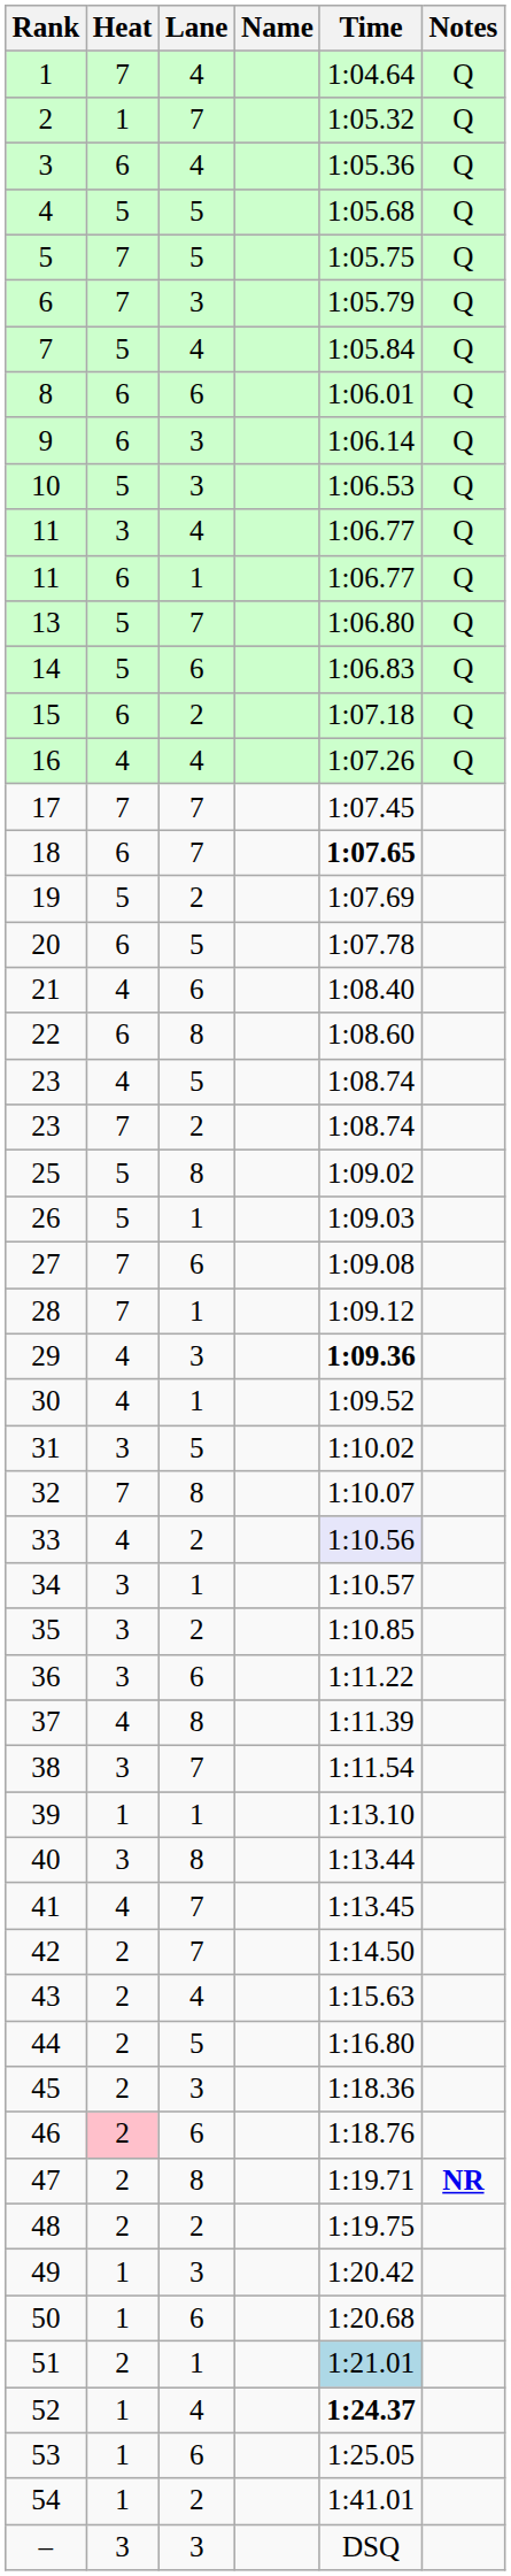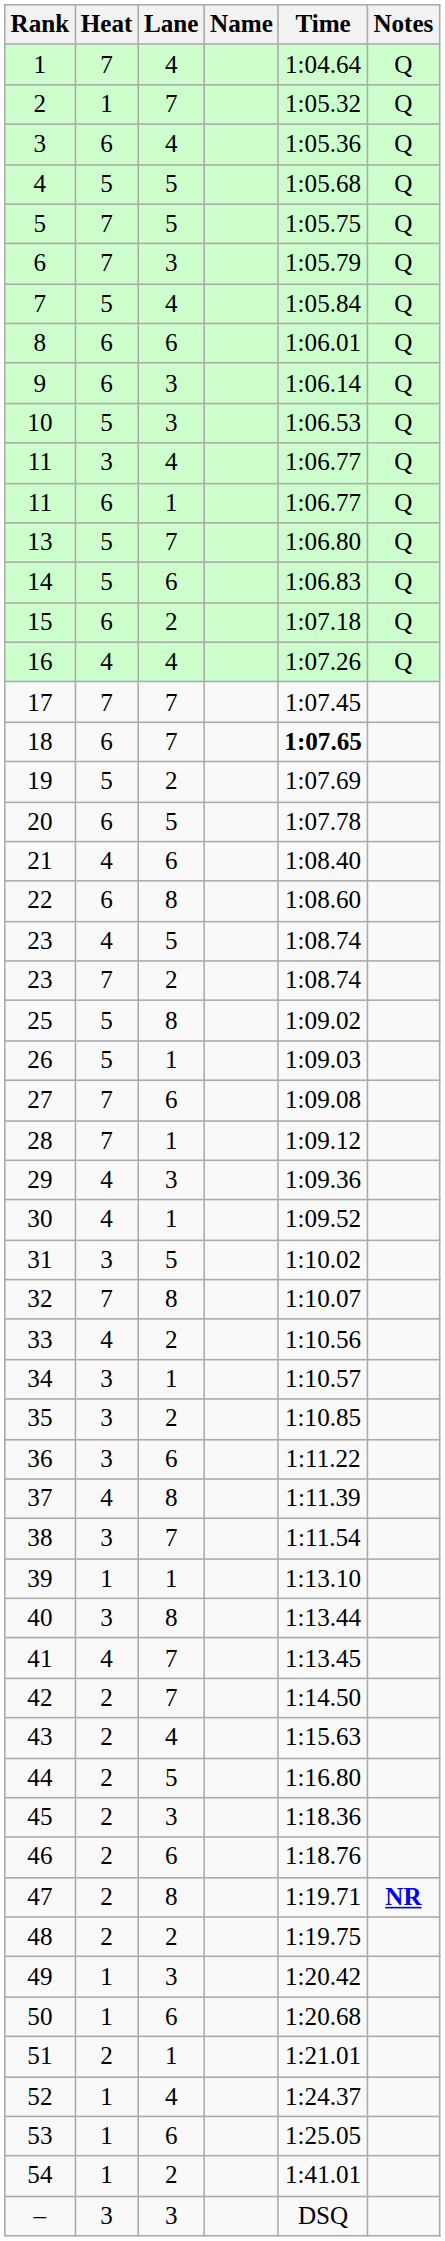 <table class="wikitable sortable" style="text-align:center">
 <tr>
 <th>Rank</th>
 <th>Heat</th>
 <th>Lane</th>
 <th>Name</th>
 <th>Time</th>
 <th>Notes</th>
 </tr>
 <tr bgcolor=ccffcc>
 <td>1</td>
 <td>7</td>
 <td>4</td>
 <td align=left></td>
 <td>1:04.64</td>
 <td>Q</td>
 </tr>
 <tr bgcolor=ccffcc>
 <td>2</td>
 <td>1</td>
 <td>7</td>
 <td align=left></td>
 <td>1:05.32</td>
 <td>Q</td>
 </tr>
 <tr bgcolor=ccffcc>
 <td>3</td>
 <td>6</td>
 <td>4</td>
 <td align=left></td>
 <td>1:05.36</td>
 <td>Q</td>
 </tr>
 <tr bgcolor=ccffcc>
 <td>4</td>
 <td>5</td>
 <td>5</td>
 <td align=left></td>
 <td>1:05.68</td>
 <td>Q</td>
 </tr>
 <tr bgcolor=ccffcc>
 <td>5</td>
 <td>7</td>
 <td>5</td>
 <td align=left></td>
 <td>1:05.75</td>
 <td>Q</td>
 </tr>
 <tr bgcolor=ccffcc>
 <td>6</td>
 <td>7</td>
 <td>3</td>
 <td align=left></td>
 <td>1:05.79</td>
 <td>Q</td>
 </tr>
 <tr bgcolor=ccffcc>
 <td>7</td>
 <td>5</td>
 <td>4</td>
 <td align=left></td>
 <td>1:05.84</td>
 <td>Q</td>
 </tr>
 <tr bgcolor=ccffcc>
 <td>8</td>
 <td>6</td>
 <td>6</td>
 <td align=left></td>
 <td>1:06.01</td>
 <td>Q</td>
 </tr>
 <tr bgcolor=ccffcc>
 <td>9</td>
 <td>6</td>
 <td>3</td>
 <td align=left></td>
 <td>1:06.14</td>
 <td>Q</td>
 </tr>
 <tr bgcolor=ccffcc>
 <td>10</td>
 <td>5</td>
 <td>3</td>
 <td align=left></td>
 <td>1:06.53</td>
 <td>Q</td>
 </tr>
 <tr bgcolor=ccffcc>
 <td>11</td>
 <td>3</td>
 <td>4</td>
 <td align=left></td>
 <td>1:06.77</td>
 <td>Q</td>
 </tr>
 <tr bgcolor=ccffcc>
 <td>11</td>
 <td>6</td>
 <td>1</td>
 <td align=left></td>
 <td>1:06.77</td>
 <td>Q</td>
 </tr>
 <tr bgcolor=ccffcc>
 <td>13</td>
 <td>5</td>
 <td>7</td>
 <td align=left></td>
 <td>1:06.80</td>
 <td>Q</td>
 </tr>
 <tr bgcolor=ccffcc>
 <td>14</td>
 <td>5</td>
 <td>6</td>
 <td align=left></td>
 <td>1:06.83</td>
 <td>Q</td>
 </tr>
 <tr bgcolor=ccffcc>
 <td>15</td>
 <td>6</td>
 <td>2</td>
 <td align=left></td>
 <td>1:07.18</td>
 <td>Q</td>
 </tr>
 <tr bgcolor=ccffcc>
 <td>16</td>
 <td>4</td>
 <td>4</td>
 <td align=left></td>
 <td>1:07.26</td>
 <td>Q</td>
 </tr>
 <tr>
 <td>17</td>
 <td>7</td>
 <td>7</td>
 <td align=left></td>
 <td>1:07.45</td>
 <td></td>
 </tr>
 <tr>
 <td>18</td>
 <td>6</td>
 <td>7</td>
 <td align=left></td>
 <td><strong>1:07.65</strong></td>
 <td></td>
 </tr>
 <tr>
 <td>19</td>
 <td>5</td>
 <td>2</td>
 <td align=left></td>
 <td>1:07.69</td>
 <td></td>
 </tr>
 <tr>
 <td>20</td>
 <td>6</td>
 <td>5</td>
 <td align=left></td>
 <td>1:07.78</td>
 <td></td>
 </tr>
 <tr>
 <td>21</td>
 <td>4</td>
 <td>6</td>
 <td align=left></td>
 <td>1:08.40</td>
 <td></td>
 </tr>
 <tr>
 <td>22</td>
 <td>6</td>
 <td>8</td>
 <td align=left></td>
 <td>1:08.60</td>
 <td></td>
 </tr>
 <tr>
 <td>23</td>
 <td>4</td>
 <td>5</td>
 <td align=left></td>
 <td>1:08.74</td>
 <td></td>
 </tr>
 <tr>
 <td>23</td>
 <td>7</td>
 <td>2</td>
 <td align=left></td>
 <td>1:08.74</td>
 <td></td>
 </tr>
 <tr>
 <td>25</td>
 <td>5</td>
 <td>8</td>
 <td align=left></td>
 <td>1:09.02</td>
 <td></td>
 </tr>
 <tr>
 <td>26</td>
 <td>5</td>
 <td>1</td>
 <td align=left></td>
 <td>1:09.03</td>
 <td></td>
 </tr>
 <tr>
 <td>27</td>
 <td>7</td>
 <td>6</td>
 <td align=left></td>
 <td>1:09.08</td>
 <td></td>
 </tr>
 <tr>
 <td>28</td>
 <td>7</td>
 <td>1</td>
 <td align=left></td>
 <td>1:09.12</td>
 <td></td>
 </tr>
 <tr>
 <td>29</td>
 <td>4</td>
 <td>3</td>
 <td align=left></td>
-<td><strong>1:09.36</strong></td>
+<td>1:09.36</td>
 <td></td>
 </tr>
 <tr>
 <td>30</td>
 <td>4</td>
 <td>1</td>
 <td align=left></td>
 <td>1:09.52</td>
 <td></td>
 </tr>
 <tr>
 <td>31</td>
 <td>3</td>
 <td>5</td>
 <td align=left></td>
 <td>1:10.02</td>
 <td></td>
 </tr>
 <tr>
 <td>32</td>
 <td>7</td>
 <td>8</td>
 <td align=left></td>
 <td>1:10.07</td>
 <td></td>
 </tr>
 <tr>
 <td>33</td>
 <td>4</td>
 <td>2</td>
 <td align=left></td>
-<td style="background: lavender;">1:10.56</td>
+<td>1:10.56</td>
 <td></td>
 </tr>
 <tr>
 <td>34</td>
 <td>3</td>
 <td>1</td>
 <td align=left></td>
 <td>1:10.57</td>
 <td></td>
 </tr>
 <tr>
 <td>35</td>
 <td>3</td>
 <td>2</td>
 <td align=left></td>
 <td>1:10.85</td>
 <td></td>
 </tr>
 <tr>
 <td>36</td>
 <td>3</td>
 <td>6</td>
 <td align=left></td>
 <td>1:11.22</td>
 <td></td>
 </tr>
 <tr>
 <td>37</td>
 <td>4</td>
 <td>8</td>
 <td align=left></td>
 <td>1:11.39</td>
 <td></td>
 </tr>
 <tr>
 <td>38</td>
 <td>3</td>
 <td>7</td>
 <td align=left></td>
 <td>1:11.54</td>
 <td></td>
 </tr>
 <tr>
 <td>39</td>
 <td>1</td>
 <td>1</td>
 <td align=left></td>
 <td>1:13.10</td>
 <td></td>
 </tr>
 <tr>
 <td>40</td>
 <td>3</td>
 <td>8</td>
 <td align=left></td>
 <td>1:13.44</td>
 <td></td>
 </tr>
 <tr>
 <td>41</td>
 <td>4</td>
 <td>7</td>
 <td align=left></td>
 <td>1:13.45</td>
 <td></td>
 </tr>
 <tr>
 <td>42</td>
 <td>2</td>
 <td>7</td>
 <td align=left></td>
 <td>1:14.50</td>
 <td></td>
 </tr>
 <tr>
 <td>43</td>
 <td>2</td>
 <td>4</td>
 <td align=left></td>
 <td>1:15.63</td>
 <td></td>
 </tr>
 <tr>
 <td>44</td>
 <td>2</td>
 <td>5</td>
 <td align=left></td>
 <td>1:16.80</td>
 <td></td>
 </tr>
 <tr>
 <td>45</td>
 <td>2</td>
 <td>3</td>
 <td align=left></td>
 <td>1:18.36</td>
 <td></td>
 </tr>
 <tr>
 <td>46</td>
-<td style="background: pink;">2</td>
+<td>2</td>
 <td>6</td>
 <td align=left></td>
 <td>1:18.76</td>
 <td></td>
 </tr>
 <tr>
 <td>47</td>
 <td>2</td>
 <td>8</td>
 <td align=left></td>
 <td>1:19.71</td>
 <td><strong><a href='#'>NR</a></strong></td>
 </tr>
 <tr>
 <td>48</td>
 <td>2</td>
 <td>2</td>
 <td align=left></td>
 <td>1:19.75</td>
 <td></td>
 </tr>
 <tr>
 <td>49</td>
 <td>1</td>
 <td>3</td>
 <td align=left></td>
 <td>1:20.42</td>
 <td></td>
 </tr>
 <tr>
 <td>50</td>
 <td>1</td>
 <td>6</td>
 <td align=left></td>
 <td>1:20.68</td>
 <td></td>
 </tr>
 <tr>
 <td>51</td>
 <td>2</td>
 <td>1</td>
 <td align=left></td>
-<td style="background: lightblue;">1:21.01</td>
+<td>1:21.01</td>
 <td></td>
 </tr>
 <tr>
 <td>52</td>
 <td>1</td>
 <td>4</td>
 <td align=left></td>
-<td><strong>1:24.37</strong></td>
+<td>1:24.37</td>
 <td></td>
 </tr>
 <tr>
 <td>53</td>
 <td>1</td>
 <td>6</td>
 <td align=left></td>
 <td>1:25.05</td>
 <td></td>
 </tr>
 <tr>
 <td>54</td>
 <td>1</td>
 <td>2</td>
 <td align=left></td>
 <td>1:41.01</td>
 <td></td>
 </tr>
 <tr>
 <td>–</td>
 <td>3</td>
 <td>3</td>
 <td align=left></td>
 <td>DSQ</td>
 <td></td>
 </tr>
 </table>
